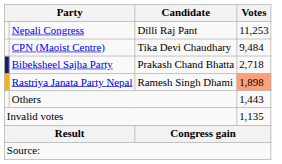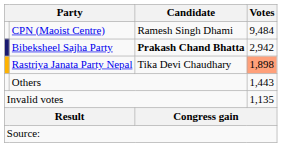 <table class="wikitable">
 <tr>
 <th colspan="2">Party</th>
 <th>Candidate</th>
 <th>Votes</th>
 </tr>
 <tr>
 <td style="background-color:"></td>
-<td><a href='#'>Nepali Congress</a></td>
-<td>Dilli Raj Pant</td>
-<td>11,253</td>
-</tr>
-<tr>
-<td style="background-color:"></td>
 <td><a href='#'>CPN (Maoist Centre)</a></td>
-<td>Tika Devi Chaudhary</td>
+<td>Ramesh Singh Dhami</td>
 <td>9,484</td>
 </tr>
 <tr>
 <td style="background-color:midnightblue"></td>
 <td><a href='#'>Bibeksheel Sajha Party</a></td>
-<td>Prakash Chand Bhatta</td>
-<td>2,718</td>
+<td><strong>Prakash Chand Bhatta</strong></td>
+<td>2,942</td>
 </tr>
 <tr>
 <td style="background-color:#ffb300"></td>
 <td><a href='#'>Rastriya Janata Party Nepal</a></td>
-<td>Ramesh Singh Dhami</td>
+<td>Tika Devi Chaudhary</td>
 <td style="background: lightsalmon;">1,898</td>
 </tr>
 <tr>
 <td></td>
 <td colspan="2">Others</td>
 <td>1,443</td>
 </tr>
 <tr>
 <td colspan="3">Invalid votes</td>
 <td>1,135</td>
 </tr>
 <tr>
 <th colspan="2">Result</th>
 <th colspan="2">Congress gain</th>
 </tr>
 <tr>
 <td colspan="4">Source: </td>
 </tr>
 </table>
